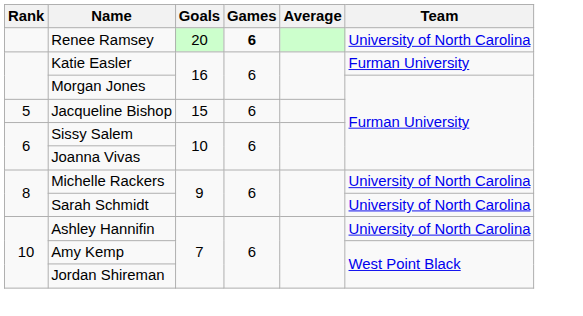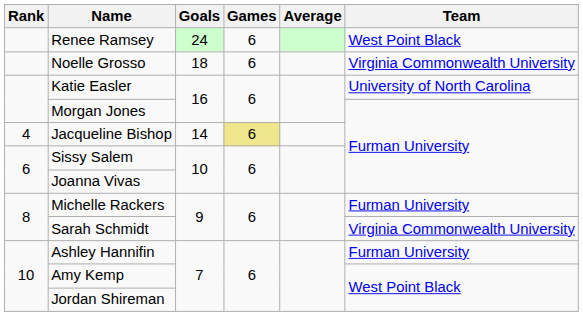 <table class="wikitable sortable"  style="text-align:center">
 <tr>
 <th>Rank</th>
 <th>Name</th>
 <th>Goals</th>
 <th>Games</th>
 <th>Average</th>
 <th>Team</th>
 </tr>
 <tr>
 <td></td>
 <td align="left">Renee Ramsey</td>
-<td bgcolor=#ccffcc>20</td>
-<td><strong>6</strong></td>
+<td bgcolor=#ccffcc>24</td>
+<td>6</td>
 <td bgcolor=#ccffcc></td>
-<td align="left"><a href='#'>University of North Carolina</a></td>
+<td align="left"><a href='#'>West Point Black</a></td>
+</tr>
+<tr>
+<td></td>
+<td align="left">Noelle Grosso</td>
+<td>18</td>
+<td>6</td>
+<td></td>
+<td align="left"><a href='#'>Virginia Commonwealth University</a></td>
 </tr>
 <tr>
 <td rowspan="2"></td>
 <td align="left">Katie Easler</td>
 <td rowspan="2">16</td>
 <td rowspan="2">6</td>
 <td rowspan="2"></td>
-<td align="left"><a href='#'>Furman University</a></td>
+<td align="left"><a href='#'>University of North Carolina</a></td>
 </tr>
 <tr>
 <td align="left">Morgan Jones</td>
 <td align="left" rowspan="4"><a href='#'>Furman University</a></td>
 </tr>
 <tr>
-<td>5</td>
+<td>4</td>
 <td align="left">Jacqueline Bishop</td>
-<td>15</td>
-<td>6</td>
+<td>14</td>
+<td style="background: khaki;">6</td>
 <td></td>
 </tr>
 <tr>
 <td rowspan="2">6</td>
 <td align="left">Sissy Salem</td>
 <td rowspan="2">10</td>
 <td rowspan="2">6</td>
 <td rowspan="2"></td>
 </tr>
 <tr>
 <td align="left">Joanna Vivas</td>
 </tr>
 <tr>
 <td rowspan="2">8</td>
 <td align="left">Michelle Rackers</td>
 <td rowspan="2">9</td>
 <td rowspan="2">6</td>
 <td rowspan="2"></td>
-<td align="left"><a href='#'>University of North Carolina</a></td>
+<td align="left"><a href='#'>Furman University</a></td>
 </tr>
 <tr>
 <td align="left">Sarah Schmidt</td>
-<td align="left"><a href='#'>University of North Carolina</a></td>
+<td align="left"><a href='#'>Virginia Commonwealth University</a></td>
 </tr>
 <tr>
 <td rowspan="3">10</td>
 <td align="left">Ashley Hannifin</td>
 <td rowspan="3">7</td>
 <td rowspan="3">6</td>
 <td rowspan="3"></td>
-<td align="left"><a href='#'>University of North Carolina</a></td>
+<td align="left"><a href='#'>Furman University</a></td>
 </tr>
 <tr>
 <td align="left">Amy Kemp</td>
 <td align="left" rowspan="2"><a href='#'>West Point Black</a></td>
 </tr>
 <tr>
 <td align="left">Jordan Shireman</td>
 </tr>
 </table>
